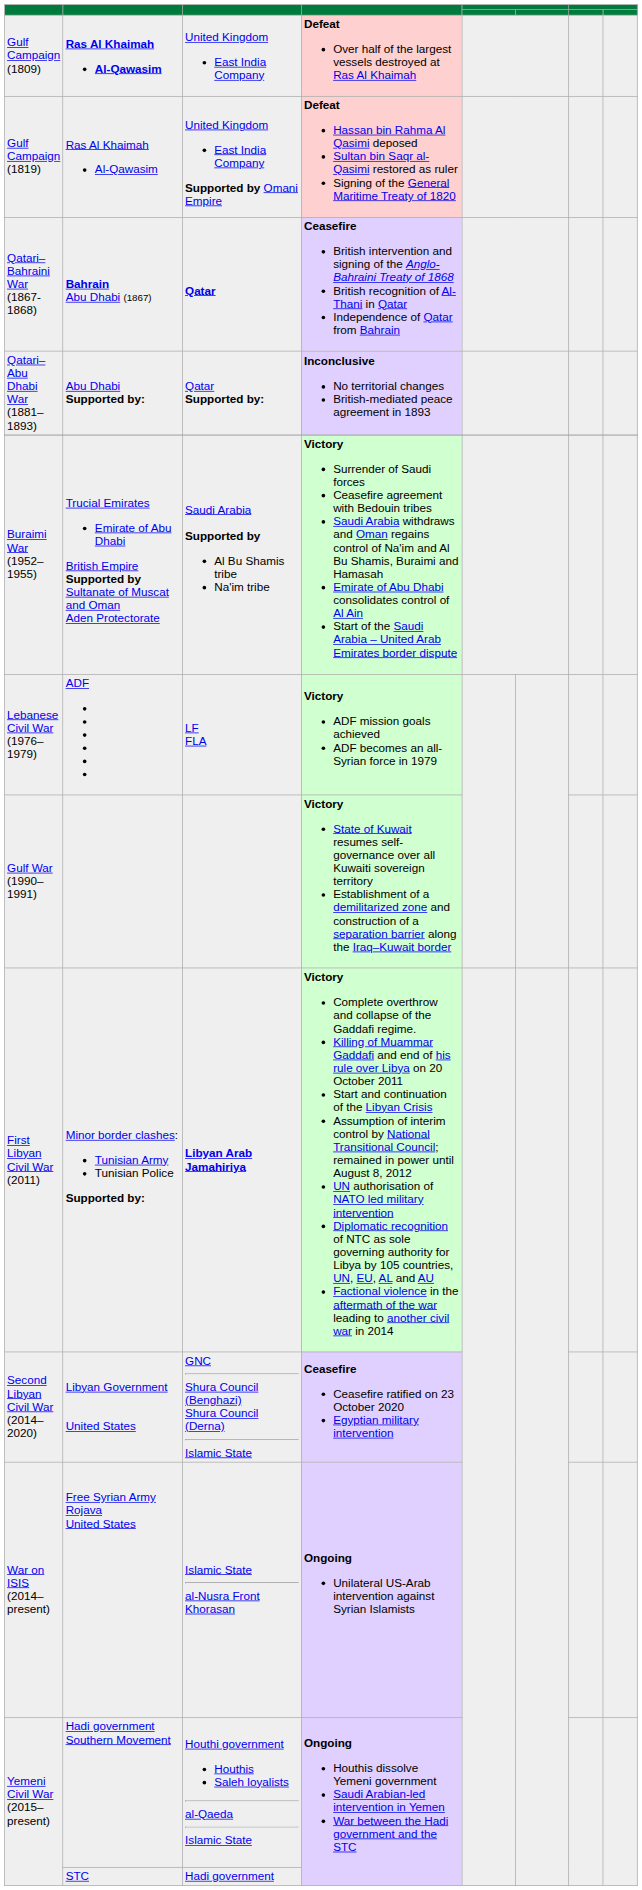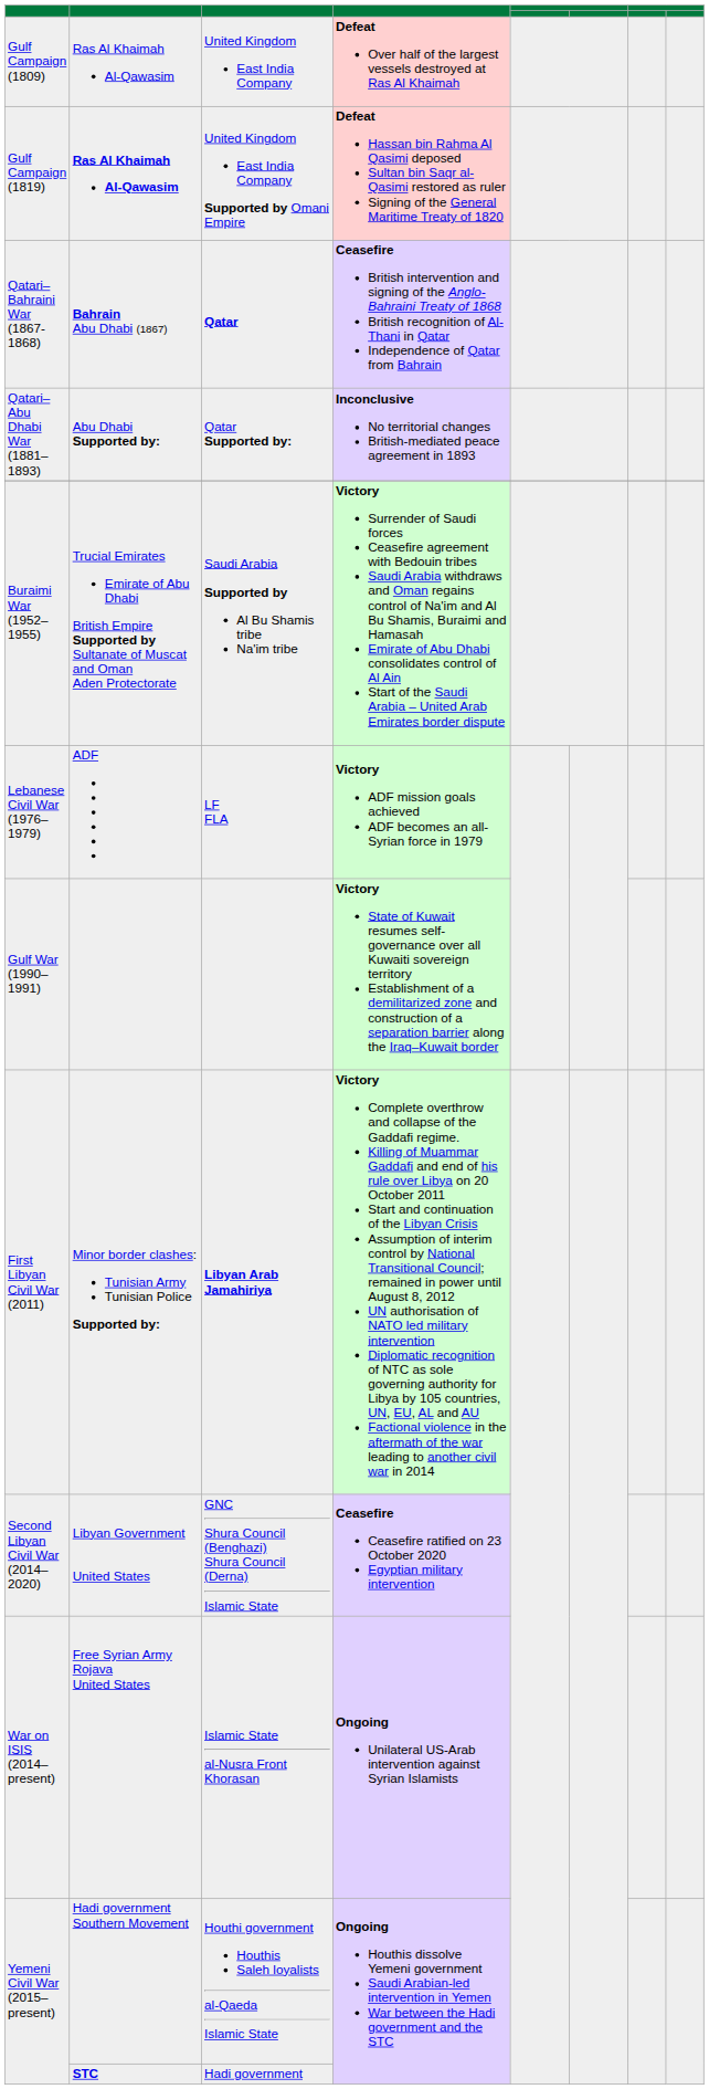 <table class="wikitable">
 <tr>
 <th rowspan="2" style="background:#007A3D" width=""></th>
 <th rowspan="2" style="background:#007A3D" width="180"></th>
 <th rowspan="2" style="background:#007A3D" width="180"></th>
 <th rowspan="2" style="background:#007A3D" width="250"></th>
 <th colspan="2" style="background:#007A3D" width=""></th>
 <th colspan="2" style="background:#007A3D" width=""></th>
 </tr>
 <tr>
 <th style="background:#007A3D" width="100"></th>
 <th style="background:#007A3D" width="100"></th>
 <th style="background:#007A3D" width="60"></th>
 <th style="background:#007A3D" width="60"></th>
 </tr>
 <tr>
 <td style="background:#efefef"><a href='#'>Gulf Campaign</a><br>(1809)</td>
-<td style="background:#efefef"><strong><br> <a href='#'>Ras Al Khaimah</a><ul><li><a href='#'>Al-Qawasim</a></li></ul></strong></td>
+<td style="background:#efefef"><br> <a href='#'>Ras Al Khaimah</a><ul><li><a href='#'>Al-Qawasim</a></li></ul></td>
 <td style="background:#efefef"><br> <a href='#'>United Kingdom</a><ul><li> <a href='#'>East India Company</a></li></ul></td>
 <td style="background:#FFD0D0"><strong>Defeat</strong><br><ul><li>Over half of the largest vessels destroyed at <a href='#'>Ras Al Khaimah</a></li></ul></td>
 <td style="background:#efefef" colspan="2"></td>
 <td style="background:#efefef"></td>
 <td style="background:#efefef"></td>
 </tr>
 <tr>
 <td style="background:#efefef"><a href='#'>Gulf Campaign</a><br>(1819)</td>
-<td style="background:#efefef"><br> <a href='#'>Ras Al Khaimah</a><ul><li><a href='#'>Al-Qawasim</a></li></ul></td>
+<td style="background:#efefef"><strong><br> <a href='#'>Ras Al Khaimah</a><ul><li><a href='#'>Al-Qawasim</a></li></ul></strong></td>
 <td style="background:#efefef"><br> <a href='#'>United Kingdom</a><ul><li> <a href='#'>East India Company</a></li></ul><strong>Supported by</strong>  <a href='#'>Omani Empire</a></td>
 <td style="background:#FFD0D0"><strong>Defeat</strong><br><ul><li><a href='#'>Hassan bin Rahma Al Qasimi</a> deposed</li><li><a href='#'>Sultan bin Saqr al-Qasimi</a> restored as ruler</li><li>Signing of the <a href='#'>General Maritime Treaty of 1820</a></li></ul></td>
 <td style="background:#efefef" colspan="2"></td>
 <td style="background:#efefef"></td>
 <td style="background:#efefef"></td>
 </tr>
 <tr>
 <td style="background:#efefef"><a href='#'>Qatari–Bahraini War</a><br>(1867-1868)</td>
 <td style="background:#efefef"><br><strong> <a href='#'>Bahrain</a></strong><br> <a href='#'>Abu Dhabi</a> <small>(1867)</small></td>
 <td style="background:#efefef"><br><strong> <a href='#'>Qatar</a></strong></td>
 <td style="background:#E0D0FF"><strong>Ceasefire</strong><br><ul><li>British intervention and signing of the <em><a href='#'>Anglo-Bahraini Treaty of 1868</a></em></li><li>British recognition of <a href='#'>Al-Thani</a> in <a href='#'>Qatar</a></li><li>Independence of <a href='#'>Qatar</a> from <a href='#'>Bahrain</a></li></ul></td>
 <td style="background:#efefef" colspan="2"></td>
 <td style="background:#efefef"></td>
 <td style="background:#efefef"></td>
 </tr>
 <tr>
 <td style="background:#efefef"><a href='#'>Qatari–Abu Dhabi War</a><br>(1881–1893)</td>
 <td style="background:#efefef"> <a href='#'>Abu Dhabi</a> <br> <strong>Supported by:</strong> <br> </td>
 <td style="background:#efefef"> <a href='#'>Qatar</a> <br> <strong>Supported by:</strong> <br> </td>
 <td style="background:#E0D0FF"><strong>Inconclusive  </strong><br><ul><li>No territorial changes</li><li>British-mediated peace agreement in 1893</li></ul></td>
 <td style="background:#efefef" colspan="2"></td>
 <td style="background:#efefef"></td>
 <td style="background:#efefef"></td>
 </tr>
 <tr>
 </tr>
 <tr>
 <td style="background:#efefef"><a href='#'>Buraimi War</a><br>(1952–1955)</td>
 <td style="background:#efefef"><br><a href='#'>Trucial Emirates</a><ul><li> <a href='#'>Emirate of Abu Dhabi</a></li></ul> <a href='#'>British Empire</a> <br> <strong>Supported by</strong> <br>  <a href='#'>Sultanate of Muscat and Oman</a> <br> <a href='#'>Aden Protectorate</a></td>
 <td style="background:#efefef"> <a href='#'>Saudi Arabia</a> <br><br><strong>Supported by</strong><ul><li>Al Bu Shamis tribe</li><li>Na'im tribe</li></ul></td>
 <td style="background:#D0FFD0"><strong>Victory</strong><br><ul><li>Surrender of Saudi forces</li><li>Ceasefire agreement with Bedouin tribes</li><li><a href='#'>Saudi Arabia</a> withdraws and <a href='#'>Oman</a> regains control of Na'im and Al Bu Shamis, Buraimi and Hamasah</li><li><a href='#'>Emirate of Abu Dhabi</a> consolidates control of <a href='#'>Al Ain</a></li><li>Start of the <a href='#'>Saudi Arabia – United Arab Emirates border dispute</a></li></ul></td>
 <td style="background:#efefef" colspan="2"></td>
 <td style="background:#efefef"></td>
 <td style="background:#efefef"></td>
 </tr>
 <tr>
 <td style="background:#efefef"><a href='#'>Lebanese Civil War</a><br>(1976–1979)</td>
 <td style="background:#efefef"> <a href='#'>ADF</a><br><ul><li></li><li></li><li></li><li></li><li></li><li></li></ul></td>
 <td style="background:#efefef"> <a href='#'>LF</a><br> <a href='#'>FLA</a></td>
 <td style="background:#D0FFD0"><strong>Victory</strong><br><ul><li>ADF mission goals achieved</li><li>ADF becomes an all-Syrian force in 1979</li></ul></td>
 <td rowspan="2" style="background:#efefef"></td>
 <td rowspan="2" style="background:#efefef"></td>
 <td style="background:#efefef"></td>
 <td style="background:#efefef"></td>
 </tr>
 <tr>
 <td style="background:#efefef"><a href='#'>Gulf War</a><br>(1990–1991)</td>
 <td style="background:#efefef"><br></td>
 <td style="background:#efefef"></td>
 <td style="background:#D0FFD0"><strong>Victory</strong><br><ul><li><a href='#'>State of Kuwait</a> resumes self-governance over all Kuwaiti sovereign territory</li><li>Establishment of a <a href='#'>demilitarized zone</a> and construction of a <a href='#'>separation barrier</a> along the <a href='#'>Iraq–Kuwait border</a></li></ul></td>
 <td style="background:#efefef"></td>
 <td style="background:#efefef"></td>
 </tr>
 <tr>
 <td style="background:#efefef"><a href='#'>First Libyan Civil War</a><br>(2011)</td>
 <td style="background:#efefef"><br> <a href='#'>Minor border clashes</a>:<br><ul><li> <a href='#'>Tunisian Army</a></li><li>Tunisian Police</li></ul><strong>Supported by:</strong><br></td>
 <td style="background:#efefef"><strong> <a href='#'>Libyan Arab Jamahiriya</a></strong></td>
 <td style="background:#D0FFD0"><strong>Victory</strong><br><ul><li>Complete overthrow and collapse of the Gaddafi regime.</li><li><a href='#'>Killing of Muammar Gaddafi</a> and end of <a href='#'>his rule over Libya</a> on 20 October 2011</li><li>Start and continuation of the <a href='#'>Libyan Crisis</a></li><li>Assumption of interim control by <a href='#'>National Transitional Council</a>; remained in power until August 8, 2012</li><li><a href='#'>UN</a> authorisation of <a href='#'>NATO led military intervention</a></li><li><a href='#'>Diplomatic recognition</a> of NTC as sole governing authority for Libya by 105 countries, <a href='#'>UN</a>, <a href='#'>EU</a>, <a href='#'>AL</a> and <a href='#'>AU</a></li><li><a href='#'>Factional violence</a> in the <a href='#'>aftermath of the war</a> leading to <a href='#'>another civil war</a> in 2014</li></ul></td>
 <td rowspan="6" style="background:#efefef"></td>
 <td rowspan="6" style="background:#efefef"></td>
 <td style="background:#efefef"></td>
 <td style="background:#efefef"></td>
 </tr>
 <tr>
 <td style="background:#efefef"><a href='#'>Second Libyan Civil War</a><br>(2014–2020)</td>
 <td style="background:#efefef"> <a href='#'>Libyan Government</a><br><br><br> <a href='#'>United States</a></td>
 <td style="background:#efefef"> <a href='#'>GNC</a><hr> <a href='#'>Shura Council (Benghazi)</a><br> <a href='#'>Shura Council (Derna)</a><hr> <a href='#'>Islamic State</a></td>
 <td style="background:#E0D0FF"><strong>Ceasefire</strong><br><ul><li>Ceasefire ratified on 23 October 2020</li><li><a href='#'>Egyptian military intervention</a></li></ul></td>
 <td style="background:#efefef"></td>
 <td style="background:#efefef"></td>
 </tr>
 <tr>
 <td style="background:#efefef"><a href='#'>War on ISIS</a><br>(2014–present)</td>
 <td style="background:#efefef"><br><br> <a href='#'>Free Syrian Army</a><br> <a href='#'>Rojava</a><br> <a href='#'>United States</a><br><br><br><br><br><br><br><br><br><br><br><br><br><br><br></td>
 <td style="background:#efefef"> <a href='#'>Islamic State</a><hr> <a href='#'>al-Nusra Front</a><br> <a href='#'>Khorasan</a></td>
 <td style="background:#E0D0FF"><strong>Ongoing</strong><br><ul><li>Unilateral US-Arab intervention against Syrian Islamists</li></ul></td>
 <td style="background:#efefef"></td>
 <td style="background:#efefef"></td>
 </tr>
 <tr>
 <td rowspan="2" style="background:#efefef"><a href='#'>Yemeni Civil War</a><br>(2015–present)</td>
 <td style="background:#efefef"> <a href='#'>Hadi government</a><br> <a href='#'>Southern Movement</a><br><br><br><br><br><br><br><br><br><br></td>
 <td style="background:#efefef"> <a href='#'>Houthi government</a><br><ul><li> <a href='#'>Houthis</a></li><li> <a href='#'>Saleh loyalists</a></li></ul><hr> <a href='#'>al-Qaeda</a><hr> <a href='#'>Islamic State</a></td>
 <td rowspan="2" style="background:#E0D0FF"><strong>Ongoing</strong><br><ul><li>Houthis dissolve Yemeni government</li><li><a href='#'>Saudi Arabian-led intervention in Yemen</a></li><li><a href='#'>War between the Hadi government and the STC</a></li></ul></td>
 <td rowspan="2" style="background:#efefef"></td>
 <td rowspan="2" style="background:#efefef"></td>
 </tr>
 <tr>
-<td style="background:#efefef"> <a href='#'>STC</a><br></td>
+<td style="background:#efefef"><strong> <a href='#'>STC</a><br></strong></td>
 <td style="background:#efefef"> <a href='#'>Hadi government</a></td>
 </tr>
 </table>
